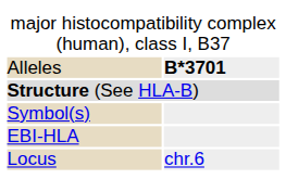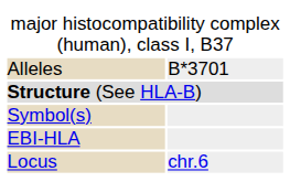 <table id="drugInfoBox" style="float: right; clear: right; margin: 0 0 0.5em 1em; background: #ffffff;" class="toccolours" border=0 cellpadding=0 align=right width="240px">
 <tr>
 <td align="center" colspan="3"></td>
 </tr>
 <tr style="text-align: center; line-height: 1.00;background:#eeeeee">
 <td colspan="3" color="white"></td>
 </tr>
 <tr>
 <td align="center" colspan="2"></td>
 </tr>
 <tr>
 <td align="center" colspan="2"><div>major histocompatibility complex (human), class I, B37</div></td>
 </tr>
 <tr>
 <td bgcolor="#e7dcc3">Alleles</td>
-<td bgcolor="#eeeeee"><strong>B*3701 <br></strong></td>
+<td bgcolor="#eeeeee">B*3701 <br></td>
 </tr>
 <tr>
 <td colspan="2" bgcolor="#dddddd"><strong>Structure</strong> (See <a href='#'>HLA-B</a>)</td>
 </tr>
 <tr>
 <td bgcolor="#e7dcc3"><a href='#'>Symbol(s)</a></td>
 <td bgcolor="#eeeeee"></td>
 </tr>
 <tr>
 <td bgcolor="#e7dcc3"><a href='#'>EBI-HLA</a></td>
 <td bgcolor="#eeeeee"></td>
 </tr>
 <tr>
 <td bgcolor="#e7dcc3"><a href='#'>Locus</a></td>
 <td bgcolor="#eeeeee"><a href='#'>chr.6</a> <em></em></td>
 </tr>
 <tr>
 </tr>
 </table>
